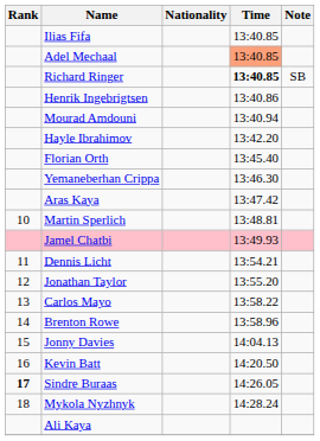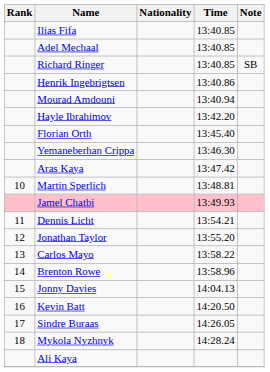 <table class="wikitable sortable" style="text-align:center">
 <tr>
 <th>Rank</th>
 <th>Name</th>
 <th>Nationality</th>
 <th>Time</th>
 <th>Note</th>
 </tr>
 <tr>
 <td></td>
 <td align=left><a href='#'>Ilias Fifa</a></td>
 <td align=left></td>
 <td>13:40.85</td>
 <td></td>
 </tr>
 <tr>
 <td></td>
 <td align=left><a href='#'>Adel Mechaal</a></td>
 <td align=left></td>
-<td style="background: lightsalmon;">13:40.85</td>
+<td>13:40.85</td>
 <td></td>
 </tr>
 <tr>
 <td></td>
 <td align=left><a href='#'>Richard Ringer</a></td>
 <td align=left></td>
-<td><strong>13:40.85</strong></td>
+<td>13:40.85</td>
 <td>SB</td>
 </tr>
 <tr>
 <td></td>
 <td align=left><a href='#'>Henrik Ingebrigtsen</a></td>
 <td align=left></td>
 <td>13:40.86</td>
 <td></td>
 </tr>
 <tr>
 <td></td>
 <td align=left><a href='#'>Mourad Amdouni</a></td>
 <td align=left></td>
 <td>13:40.94</td>
 <td></td>
 </tr>
 <tr>
 <td></td>
 <td align=left><a href='#'>Hayle Ibrahimov</a></td>
 <td align=left></td>
 <td>13:42.20</td>
 <td></td>
 </tr>
 <tr>
 <td></td>
 <td align=left><a href='#'>Florian Orth</a></td>
 <td align=left></td>
 <td>13:45.40</td>
 <td></td>
 </tr>
 <tr>
 <td></td>
 <td align=left><a href='#'>Yemaneberhan Crippa</a></td>
 <td align=left></td>
 <td>13:46.30</td>
 <td></td>
 </tr>
 <tr>
 <td></td>
 <td align=left><a href='#'>Aras Kaya</a></td>
 <td align=left></td>
 <td>13:47.42</td>
 <td></td>
 </tr>
 <tr>
 <td>10</td>
 <td align=left><a href='#'>Martin Sperlich</a></td>
 <td align=left></td>
 <td>13:48.81</td>
 <td></td>
 </tr>
 <tr bgcolor=pink>
 <td></td>
 <td align=left><a href='#'>Jamel Chatbi</a></td>
 <td align=left></td>
 <td>13:49.93</td>
 <td></td>
 </tr>
 <tr>
 <td>11</td>
 <td align=left><a href='#'>Dennis Licht</a></td>
 <td align=left></td>
 <td>13:54.21</td>
 <td></td>
 </tr>
 <tr>
 <td>12</td>
 <td align=left><a href='#'>Jonathan Taylor</a></td>
 <td align=left></td>
 <td>13:55.20</td>
 <td></td>
 </tr>
 <tr>
 <td>13</td>
 <td align=left><a href='#'>Carlos Mayo</a></td>
 <td align=left></td>
 <td>13:58.22</td>
 <td></td>
 </tr>
 <tr>
 <td>14</td>
 <td align=left><a href='#'>Brenton Rowe</a></td>
 <td align=left></td>
 <td>13:58.96</td>
 <td></td>
 </tr>
 <tr>
 <td>15</td>
 <td align=left><a href='#'>Jonny Davies</a></td>
 <td align=left></td>
 <td>14:04.13</td>
 <td></td>
 </tr>
 <tr>
 <td>16</td>
 <td align=left><a href='#'>Kevin Batt</a></td>
 <td align=left></td>
 <td>14:20.50</td>
 <td></td>
 </tr>
 <tr>
-<td><strong>17</strong></td>
+<td>17</td>
 <td align=left><a href='#'>Sindre Buraas</a></td>
 <td align=left></td>
 <td>14:26.05</td>
 <td></td>
 </tr>
 <tr>
 <td>18</td>
 <td align=left><a href='#'>Mykola Nyzhnyk</a></td>
 <td align=left></td>
 <td>14:28.24</td>
 <td></td>
 </tr>
 <tr>
 <td></td>
 <td align=left><a href='#'>Ali Kaya</a></td>
 <td align=left></td>
 <td></td>
 <td></td>
 </tr>
 <tr>
 </tr>
 </table>
